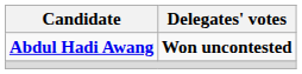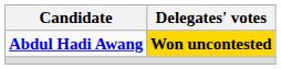 <table class="wikitable" style="text-align:center">
 <tr>
 <th>Candidate</th>
 <th>Delegates' votes</th>
 </tr>
 <tr>
 <td align="left"><strong><a href='#'>Abdul Hadi Awang</a></strong></td>
-<td colspan="1"><strong>Won uncontested</strong></td>
+<td colspan="1" style="background: gold;"><strong>Won uncontested</strong></td>
 </tr>
 <tr>
 <td colspan="3" bgcolor="dcdcdc"></td>
 </tr>
 </table>
